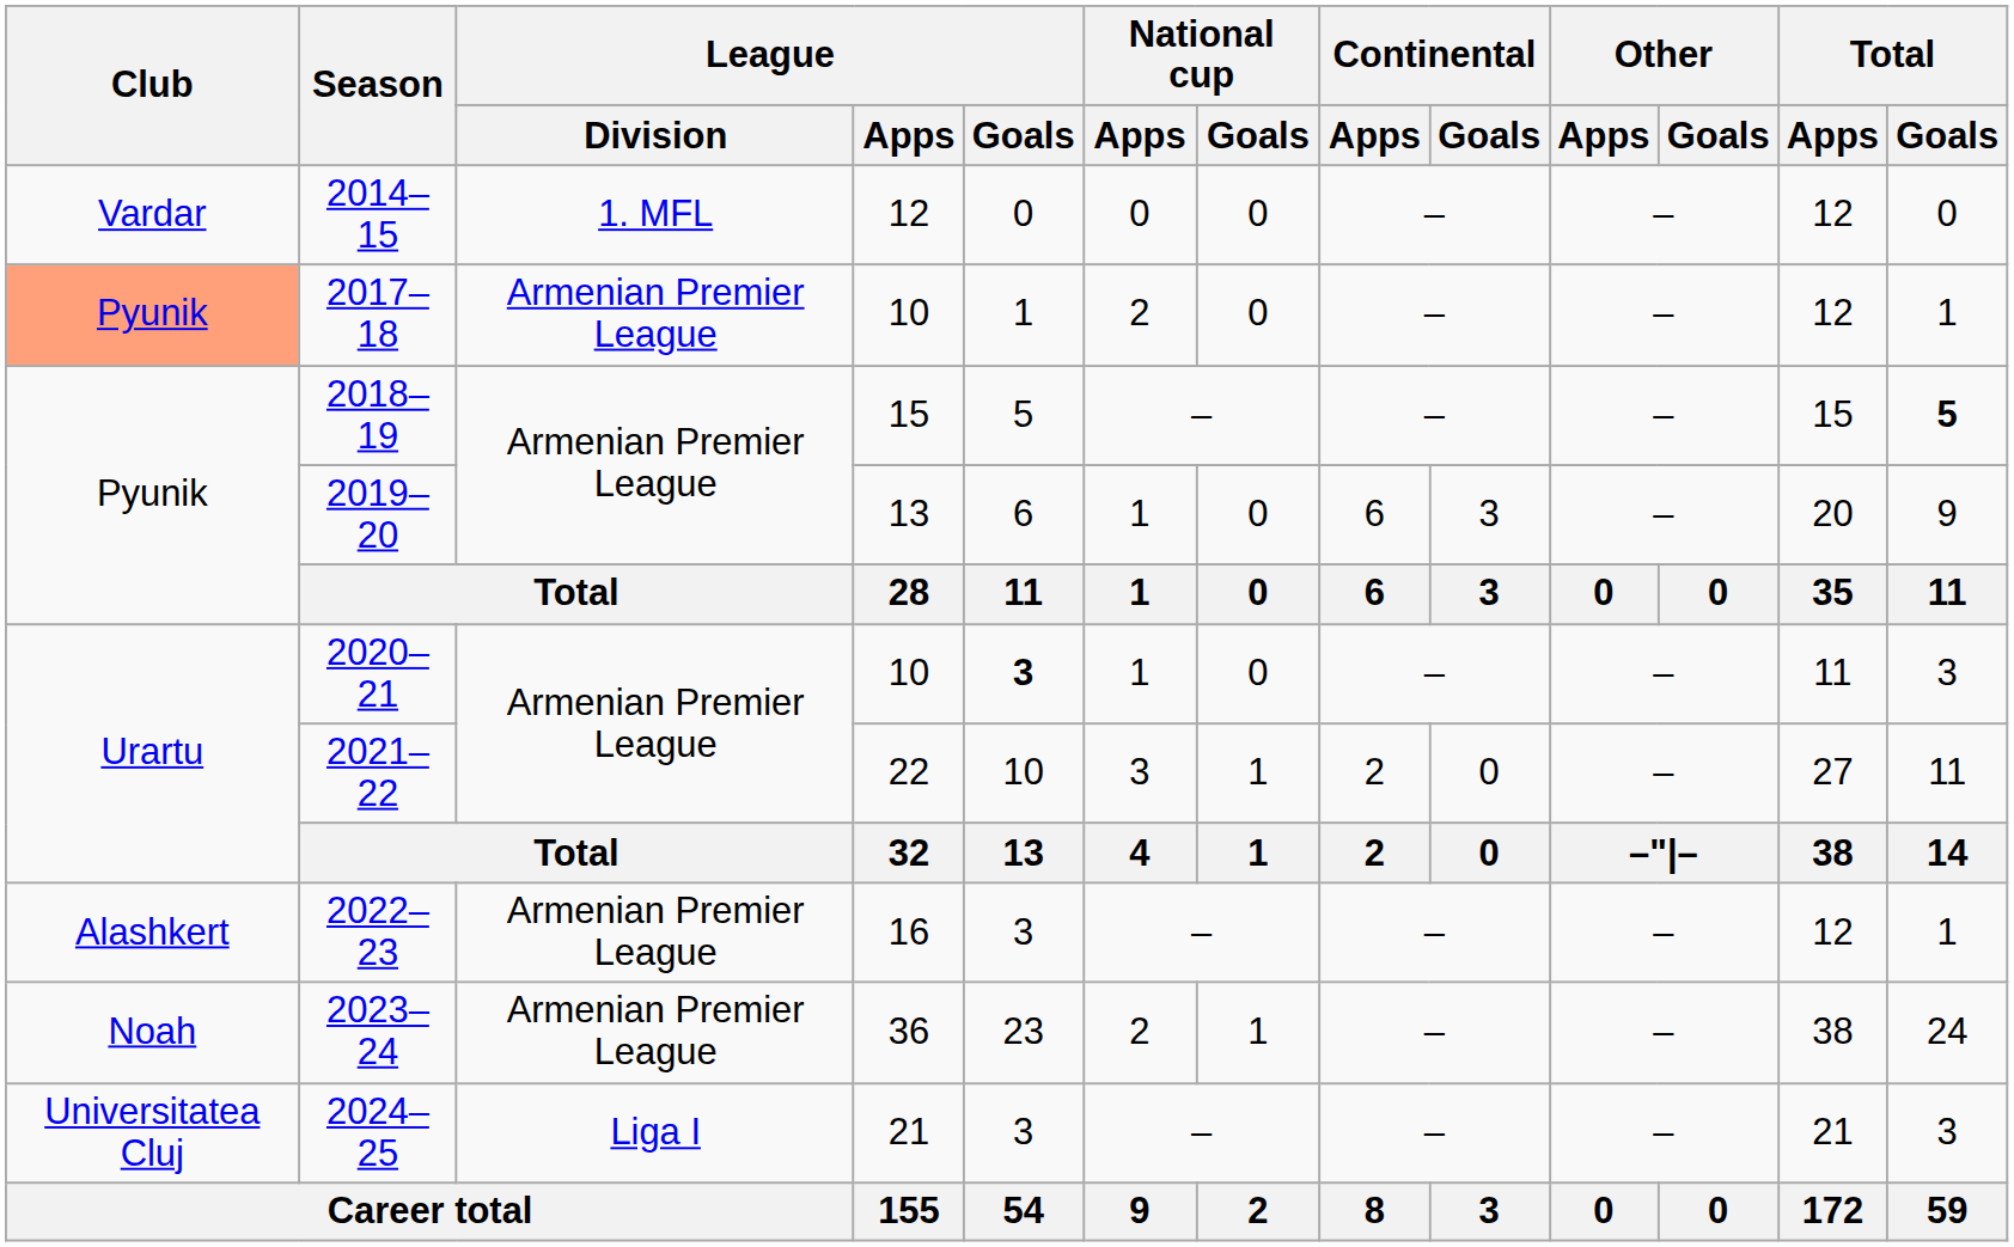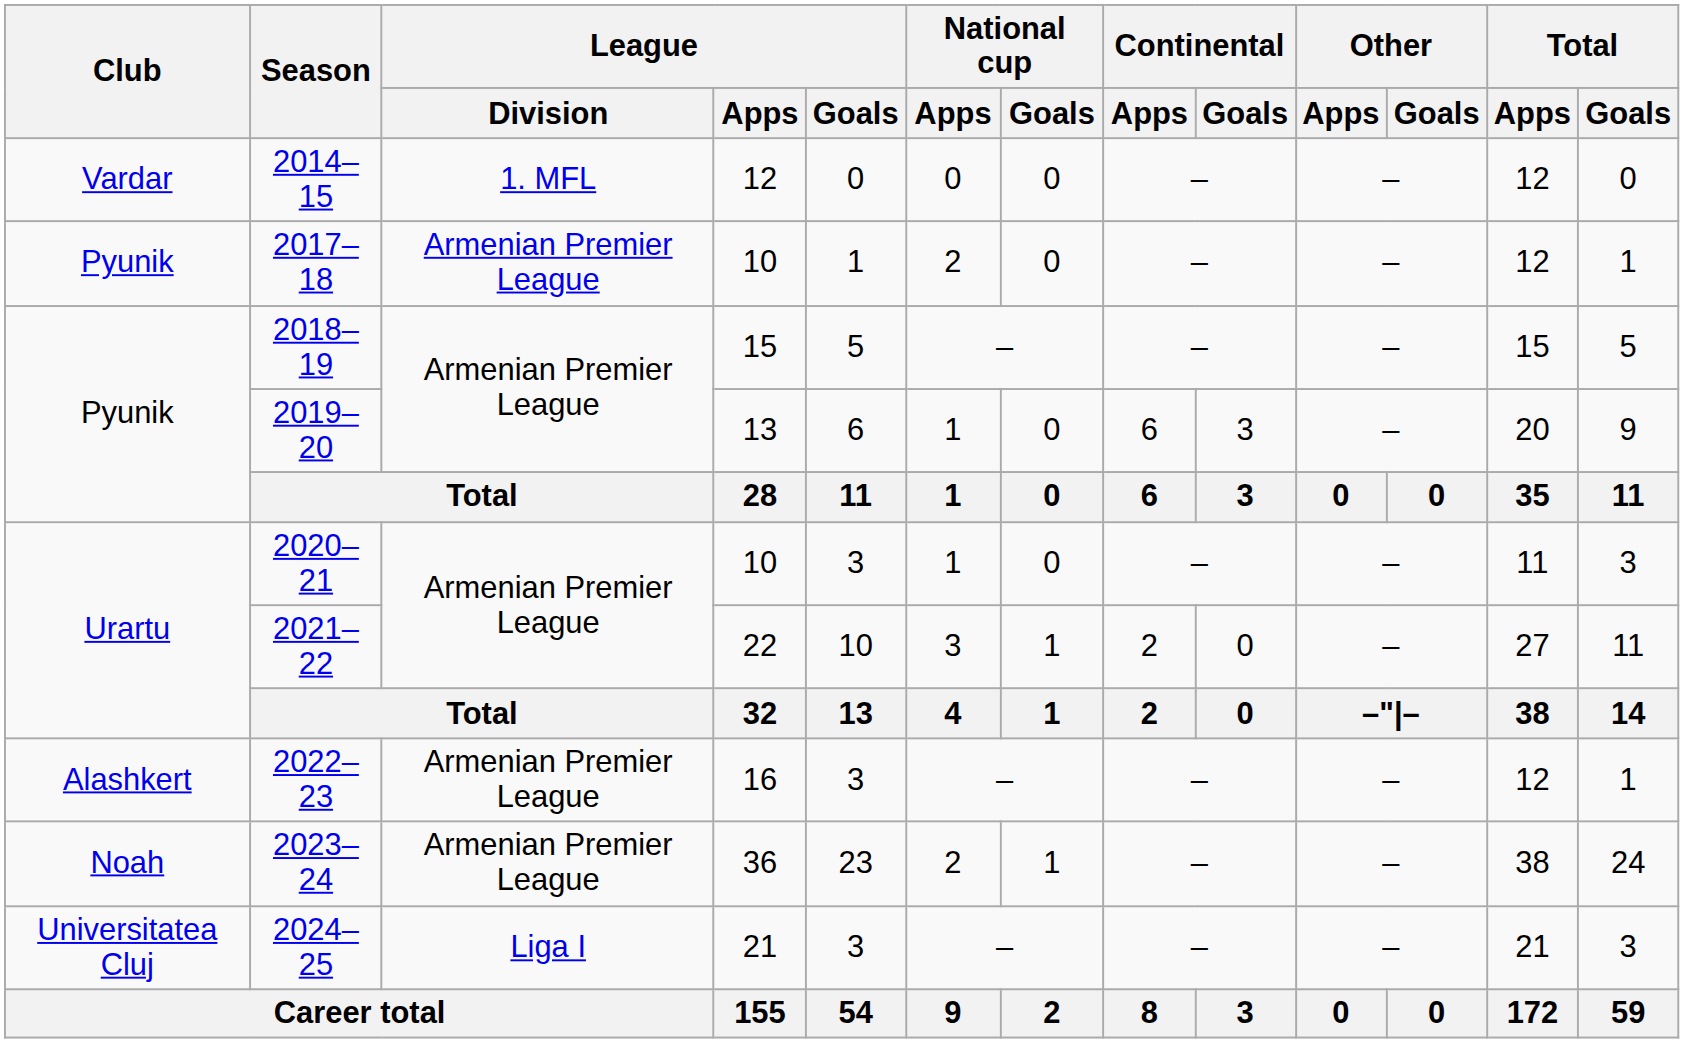 <table class="wikitable" style="text-align: center">
 <tr>
 <th rowspan="2">Club</th>
 <th rowspan="2">Season</th>
 <th colspan="3">League</th>
 <th colspan="2">National cup</th>
 <th colspan="2">Continental</th>
 <th colspan="2">Other</th>
 <th colspan="2">Total</th>
 </tr>
 <tr>
 <th>Division</th>
 <th>Apps</th>
 <th>Goals</th>
 <th>Apps</th>
 <th>Goals</th>
 <th>Apps</th>
 <th>Goals</th>
 <th>Apps</th>
 <th>Goals</th>
 <th>Apps</th>
 <th>Goals</th>
 </tr>
 <tr>
 <td><a href='#'>Vardar</a></td>
 <td><a href='#'>2014–15</a></td>
 <td><a href='#'>1. MFL</a></td>
 <td>12</td>
 <td>0</td>
 <td>0</td>
 <td>0</td>
 <td colspan="2">–</td>
 <td colspan="2">–</td>
 <td>12</td>
 <td>0</td>
 </tr>
 <tr>
-<td style="background: lightsalmon;"><a href='#'>Pyunik</a></td>
+<td><a href='#'>Pyunik</a></td>
 <td><a href='#'>2017–18</a></td>
 <td><a href='#'>Armenian Premier League</a></td>
 <td>10</td>
 <td>1</td>
 <td>2</td>
 <td>0</td>
 <td colspan="2">–</td>
 <td colspan="2">–</td>
 <td>12</td>
 <td>1</td>
 </tr>
 <tr>
 <td rowspan="3">Pyunik</td>
 <td><a href='#'>2018–19</a></td>
 <td rowspan="2">Armenian Premier League</td>
 <td>15</td>
 <td>5</td>
 <td colspan="2">–</td>
 <td colspan="2">–</td>
 <td colspan="2">–</td>
 <td>15</td>
-<td><strong>5</strong></td>
+<td>5</td>
 </tr>
 <tr>
 <td><a href='#'>2019–20</a></td>
 <td>13</td>
 <td>6</td>
 <td>1</td>
 <td>0</td>
 <td>6</td>
 <td>3</td>
 <td colspan="2">–</td>
 <td>20</td>
 <td>9</td>
 </tr>
 <tr>
 <th colspan="2">Total</th>
 <th>28</th>
 <th>11</th>
 <th>1</th>
 <th>0</th>
 <th>6</th>
 <th>3</th>
 <th>0</th>
 <th>0</th>
 <th>35</th>
 <th>11</th>
 </tr>
 <tr>
 <td rowspan="3"><a href='#'>Urartu</a></td>
 <td><a href='#'>2020–21</a></td>
 <td rowspan="2">Armenian Premier League</td>
 <td>10</td>
-<td><strong>3</strong></td>
+<td>3</td>
 <td>1</td>
 <td>0</td>
 <td colspan="2">–</td>
 <td colspan="2">–</td>
 <td>11</td>
 <td>3</td>
 </tr>
 <tr>
 <td><a href='#'>2021–22</a></td>
 <td>22</td>
 <td>10</td>
 <td>3</td>
 <td>1</td>
 <td>2</td>
 <td>0</td>
 <td colspan="2">–</td>
 <td>27</td>
 <td>11</td>
 </tr>
 <tr>
 <th colspan="2">Total</th>
 <th>32</th>
 <th>13</th>
 <th>4</th>
 <th>1</th>
 <th>2</th>
 <th>0</th>
 <th colspan="2">–"|–</th>
 <th>38</th>
 <th>14</th>
 </tr>
 <tr>
 <td><a href='#'>Alashkert</a></td>
 <td><a href='#'>2022–23</a></td>
 <td>Armenian Premier League</td>
 <td>16</td>
 <td>3</td>
 <td colspan="2">–</td>
 <td colspan="2">–</td>
 <td colspan="2">–</td>
 <td>12</td>
 <td>1</td>
 </tr>
 <tr>
 <td><a href='#'>Noah</a></td>
 <td><a href='#'>2023–24</a></td>
 <td>Armenian Premier League</td>
 <td>36</td>
 <td>23</td>
 <td>2</td>
 <td>1</td>
 <td colspan="2">–</td>
 <td colspan="2">–</td>
 <td>38</td>
 <td>24</td>
 </tr>
 <tr>
 <td><a href='#'>Universitatea Cluj</a></td>
 <td><a href='#'>2024–25</a></td>
 <td><a href='#'>Liga I</a></td>
 <td>21</td>
 <td>3</td>
 <td colspan="2">–</td>
 <td colspan="2">–</td>
 <td colspan="2">–</td>
 <td>21</td>
 <td>3</td>
 </tr>
 <tr>
 <th colspan="3">Career total</th>
 <th>155</th>
 <th>54</th>
 <th>9</th>
 <th>2</th>
 <th>8</th>
 <th>3</th>
 <th>0</th>
 <th>0</th>
 <th>172</th>
 <th>59</th>
 </tr>
 </table>
